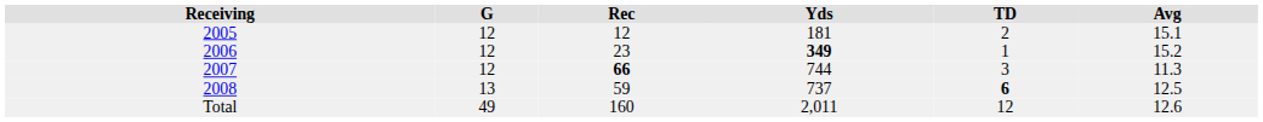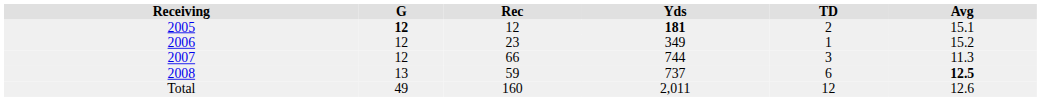 <table border="0" cellpadding="0" cellspacing="0" style="width:95%;">
 <tr>
 <th colspan="3" style="background:#fff;"></th>
 <th rowspan="99" style="background:#fff;"></th>
 </tr>
 <tr style="background:#e0e0e0; text-align:center;">
 <th>Receiving</th>
 <th>G</th>
 <th>Rec</th>
 <th>Yds</th>
 <th>TD</th>
 <th>Avg</th>
 </tr>
 <tr style="text-align:center; background:#f0f0f0;">
 <td><a href='#'>2005</a></td>
+<td><strong>12</strong></td>
 <td>12</td>
-<td>12</td>
-<td>181</td>
+<td><strong>181</strong></td>
 <td>2</td>
 <td>15.1</td>
 </tr>
 <tr style="text-align:center; background:#f0f0f0;">
 <td><a href='#'>2006</a></td>
 <td>12</td>
 <td>23</td>
-<td><strong>349</strong></td>
+<td>349</td>
 <td>1</td>
 <td>15.2</td>
 </tr>
 <tr style="text-align:center; background:#f0f0f0;">
 <td><a href='#'>2007</a></td>
 <td>12</td>
-<td><strong>66</strong></td>
+<td>66</td>
 <td>744</td>
 <td>3</td>
 <td>11.3</td>
 </tr>
 <tr style="text-align:center; background:#f0f0f0;">
 <td><a href='#'>2008</a></td>
 <td>13</td>
 <td>59</td>
 <td>737</td>
-<td><strong>6</strong></td>
-<td>12.5</td>
+<td>6</td>
+<td><strong>12.5</strong></td>
 </tr>
 <tr style="text-align:center; background:#f0f0f0;">
 <td>Total</td>
 <td>49</td>
 <td>160</td>
 <td>2,011</td>
 <td>12</td>
 <td>12.6</td>
 </tr>
 </table>
